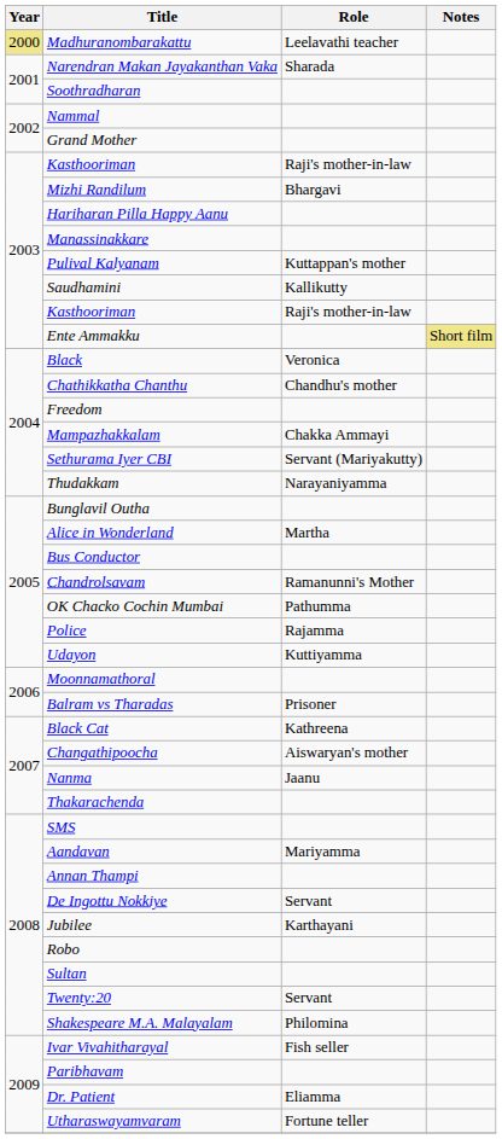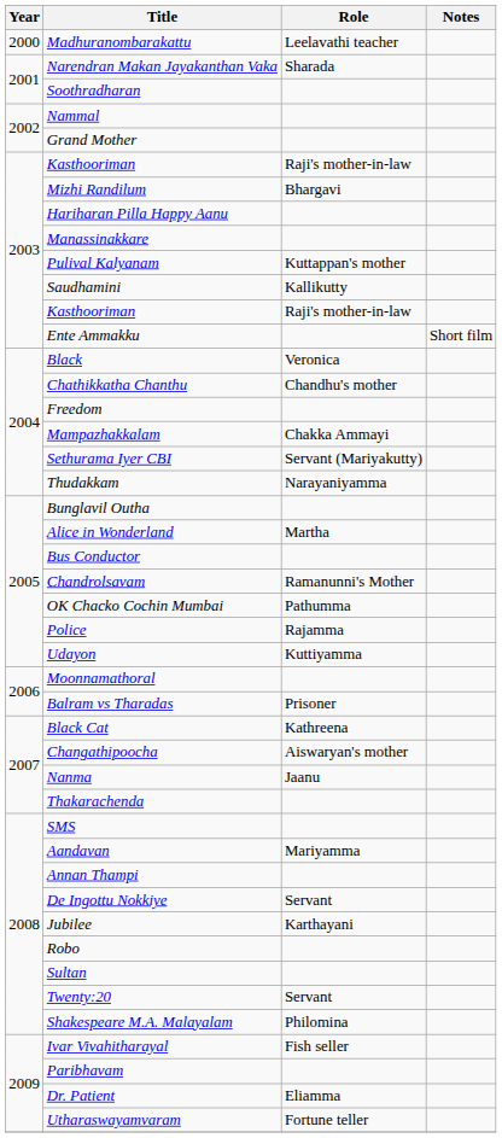 <table class="wikitable sortable">
 <tr>
 <th>Year</th>
 <th>Title</th>
 <th>Role</th>
 <th class="unsortable">Notes</th>
 </tr>
 <tr>
-<td style="background: khaki;">2000</td>
+<td>2000</td>
 <td><em><a href='#'>Madhuranombarakattu</a></em></td>
 <td>Leelavathi teacher</td>
 <td></td>
 </tr>
 <tr>
 <td rowspan=2>2001</td>
 <td><em><a href='#'>Narendran Makan Jayakanthan Vaka</a></em></td>
 <td>Sharada</td>
 <td></td>
 </tr>
 <tr>
 <td><em><a href='#'>Soothradharan</a></em></td>
 <td></td>
 <td></td>
 </tr>
 <tr>
 <td rowspan=2>2002</td>
 <td><em><a href='#'>Nammal</a></em></td>
 <td></td>
 <td></td>
 </tr>
 <tr>
 <td><em>Grand Mother</em></td>
 <td></td>
 <td></td>
 </tr>
 <tr>
 <td rowspan=8>2003</td>
 <td><em><a href='#'>Kasthooriman</a></em></td>
 <td>Raji's mother-in-law</td>
 <td></td>
 </tr>
 <tr>
 <td><em><a href='#'>Mizhi Randilum</a></em></td>
 <td>Bhargavi</td>
 <td></td>
 </tr>
 <tr>
 <td><em><a href='#'>Hariharan Pilla Happy Aanu</a></em></td>
 <td></td>
 <td></td>
 </tr>
 <tr>
 <td><em><a href='#'>Manassinakkare</a></em></td>
 <td></td>
 <td></td>
 </tr>
 <tr>
 <td><em><a href='#'>Pulival Kalyanam</a></em></td>
 <td>Kuttappan's mother</td>
 <td></td>
 </tr>
 <tr>
 <td><em>Saudhamini</em></td>
 <td>Kallikutty</td>
 <td></td>
 </tr>
 <tr>
 <td><em><a href='#'>Kasthooriman</a></em></td>
 <td>Raji's mother-in-law</td>
 <td></td>
 </tr>
 <tr>
 <td><em>Ente Ammakku</em></td>
 <td></td>
-<td style="background: khaki;">Short film</td>
+<td>Short film</td>
 </tr>
 <tr>
 <td rowspan=6>2004</td>
 <td><em><a href='#'>Black</a></em></td>
 <td>Veronica</td>
 <td></td>
 </tr>
 <tr>
 <td><em><a href='#'>Chathikkatha Chanthu</a></em></td>
 <td>Chandhu's mother</td>
 <td></td>
 </tr>
 <tr>
 <td><em>Freedom</em></td>
 <td></td>
 <td></td>
 </tr>
 <tr>
 <td><em><a href='#'>Mampazhakkalam</a></em></td>
 <td>Chakka Ammayi</td>
 <td></td>
 </tr>
 <tr>
 <td><em><a href='#'>Sethurama Iyer CBI</a></em></td>
 <td>Servant (Mariyakutty)</td>
 <td></td>
 </tr>
 <tr>
 <td><em>Thudakkam</em></td>
 <td>Narayaniyamma</td>
 <td></td>
 </tr>
 <tr>
 <td rowspan="7">2005</td>
 <td><em>Bunglavil Outha</em></td>
 <td></td>
 <td></td>
 </tr>
 <tr>
 <td><em><a href='#'>Alice in Wonderland</a></em></td>
 <td>Martha</td>
 <td></td>
 </tr>
 <tr>
 <td><em><a href='#'>Bus Conductor</a></em></td>
 <td></td>
 <td></td>
 </tr>
 <tr>
 <td><em><a href='#'>Chandrolsavam</a></em></td>
 <td>Ramanunni's Mother</td>
 <td></td>
 </tr>
 <tr>
 <td><em>OK Chacko Cochin Mumbai</em></td>
 <td>Pathumma</td>
 <td></td>
 </tr>
 <tr>
 <td><em><a href='#'>Police</a></em></td>
 <td>Rajamma</td>
 <td></td>
 </tr>
 <tr>
 <td><em><a href='#'>Udayon</a></em></td>
 <td>Kuttiyamma</td>
 <td></td>
 </tr>
 <tr>
 <td rowspan=2>2006</td>
 <td><em><a href='#'>Moonnamathoral</a></em></td>
 <td></td>
 <td></td>
 </tr>
 <tr>
 <td><em><a href='#'>Balram vs Tharadas</a></em></td>
 <td>Prisoner</td>
 <td></td>
 </tr>
 <tr>
 <td rowspan=4>2007</td>
 <td><em><a href='#'>Black Cat</a></em></td>
 <td>Kathreena</td>
 <td></td>
 </tr>
 <tr>
 <td><em><a href='#'>Changathipoocha</a></em></td>
 <td>Aiswaryan's mother</td>
 <td></td>
 </tr>
 <tr>
 <td><em><a href='#'>Nanma</a></em></td>
 <td>Jaanu</td>
 <td></td>
 </tr>
 <tr>
 <td><em><a href='#'>Thakarachenda</a></em></td>
 <td></td>
 <td></td>
 </tr>
 <tr>
 <td rowspan=9>2008</td>
 <td><em><a href='#'>SMS</a></em></td>
 <td></td>
 <td></td>
 </tr>
 <tr>
 <td><em><a href='#'>Aandavan</a></em></td>
 <td>Mariyamma</td>
 <td></td>
 </tr>
 <tr>
 <td><em><a href='#'>Annan Thampi</a></em></td>
 <td></td>
 <td></td>
 </tr>
 <tr>
 <td><em><a href='#'>De Ingottu Nokkiye</a></em></td>
 <td>Servant</td>
 <td></td>
 </tr>
 <tr>
 <td><em>Jubilee</em></td>
 <td>Karthayani</td>
 <td></td>
 </tr>
 <tr>
 <td><em>Robo</em></td>
 <td></td>
 <td></td>
 </tr>
 <tr>
 <td><em><a href='#'>Sultan</a></em></td>
 <td></td>
 <td></td>
 </tr>
 <tr>
 <td><em><a href='#'>Twenty:20</a></em></td>
 <td>Servant</td>
 <td></td>
 </tr>
 <tr>
 <td><em><a href='#'>Shakespeare M.A. Malayalam</a></em></td>
 <td>Philomina</td>
 <td></td>
 </tr>
 <tr>
 <td rowspan=4>2009</td>
 <td><em><a href='#'>Ivar Vivahitharayal</a></em></td>
 <td>Fish seller</td>
 <td></td>
 </tr>
 <tr>
 <td><em><a href='#'>Paribhavam</a></em></td>
 <td></td>
 <td></td>
 </tr>
 <tr>
 <td><em><a href='#'>Dr. Patient</a></em></td>
 <td>Eliamma</td>
 <td></td>
 </tr>
 <tr>
 <td><em><a href='#'>Utharaswayamvaram</a></em></td>
 <td>Fortune teller</td>
 <td></td>
 </tr>
 <tr>
 </tr>
 </table>
